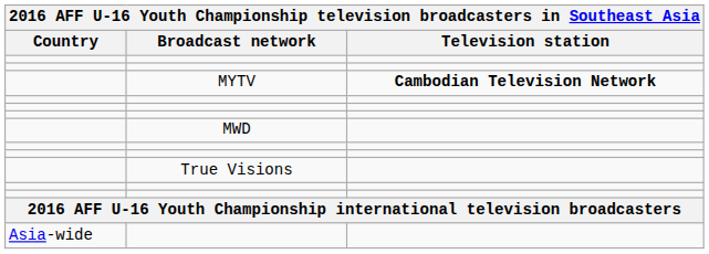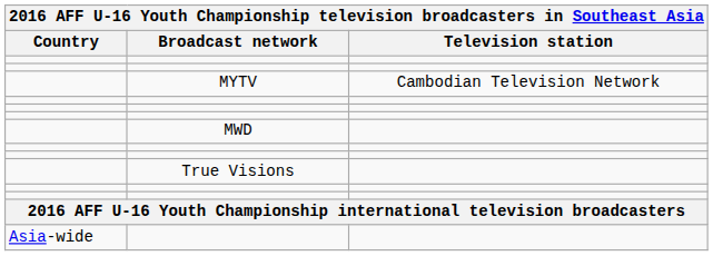 <table class="wikitable" style="font-size:95%; text-align:center;">
 <tr>
 <th colspan="7">2016 AFF U-16 Youth Championship television broadcasters in <a href='#'>Southeast Asia</a></th>
 </tr>
 <tr .>
 <th>Country</th>
 <th>Broadcast network</th>
 <th>Television station</th>
 </tr>
 <tr>
 <td align="left"></td>
 <td></td>
 <td></td>
 </tr>
 <tr>
 <td align="left"></td>
 <td></td>
 <td></td>
 </tr>
 <tr>
 <td align="left"></td>
 <td>MYTV</td>
-<td><strong>Cambodian Television Network</strong></td>
+<td>Cambodian Television Network</td>
 </tr>
 <tr>
 <td align="left"></td>
 <td></td>
 <td></td>
 </tr>
 <tr>
 <td align="left"></td>
 <td></td>
 <td></td>
 </tr>
 <tr>
 <td align="left"></td>
 <td></td>
 <td></td>
 </tr>
 <tr>
 <td align="left"></td>
 <td>MWD</td>
 <td></td>
 </tr>
 <tr>
 <td align="left"></td>
 <td></td>
 <td></td>
 </tr>
 <tr>
 <td align="left"></td>
 <td></td>
 <td></td>
 </tr>
 <tr>
 <td align="left"></td>
 <td>True Visions</td>
 <td></td>
 </tr>
 <tr>
 <td align="left"></td>
 <td></td>
 <td></td>
 </tr>
 <tr>
 <td align="left"></td>
 <td></td>
 <td></td>
 </tr>
 <tr>
 <th colspan="5">2016 AFF U-16 Youth Championship international television broadcasters</th>
 </tr>
 <tr>
 <td align="left"><a href='#'>Asia</a>-wide</td>
 <td></td>
 <td></td>
 </tr>
 </table>
